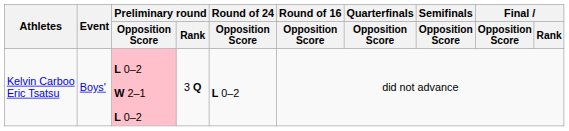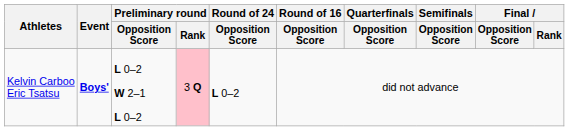 <table class=wikitable style="font-size:90%">
 <tr>
 <th rowspan=2>Athletes</th>
 <th rowspan=2>Event</th>
 <th colspan=2>Preliminary round</th>
 <th>Round of 24</th>
 <th>Round of 16</th>
 <th>Quarterfinals</th>
 <th>Semifinals</th>
 <th colspan=2>Final / </th>
 </tr>
 <tr style="font-size:95%">
 <th>Opposition<br>Score</th>
 <th>Rank</th>
 <th>Opposition<br>Score</th>
 <th>Opposition<br>Score</th>
 <th>Opposition<br>Score</th>
 <th>Opposition<br>Score</th>
 <th>Opposition<br>Score</th>
 <th>Rank</th>
 </tr>
 <tr align=center>
 <td align=left><a href='#'>Kelvin Carboo</a><br><a href='#'>Eric Tsatsu</a></td>
-<td align=left><a href='#'>Boys'</a></td>
-<td align=left style="background: pink;"><br> <strong>L</strong> 0–2<br><br> <strong>W</strong> 2–1<br><br> <strong>L</strong> 0–2</td>
-<td>3 <strong>Q</strong></td>
+<td align=left><strong><a href='#'>Boys'</a></strong></td>
+<td align=left><br> <strong>L</strong> 0–2<br><br> <strong>W</strong> 2–1<br><br> <strong>L</strong> 0–2</td>
+<td style="background: pink;">3 <strong>Q</strong></td>
 <td align=left>   <br><strong>L</strong> 0–2</td>
 <td colspan=5>did not advance</td>
 </tr>
 </table>
